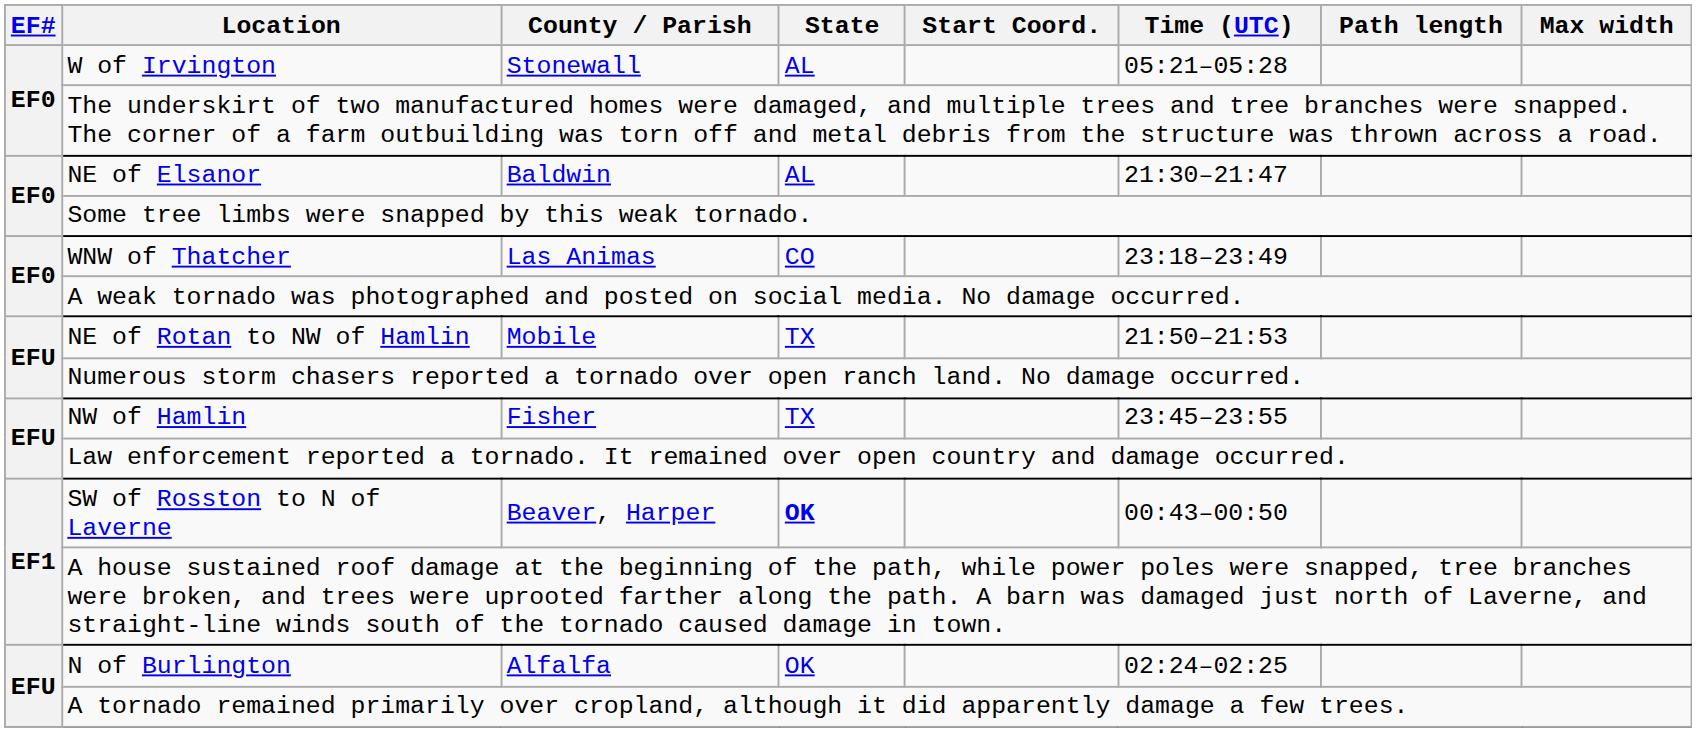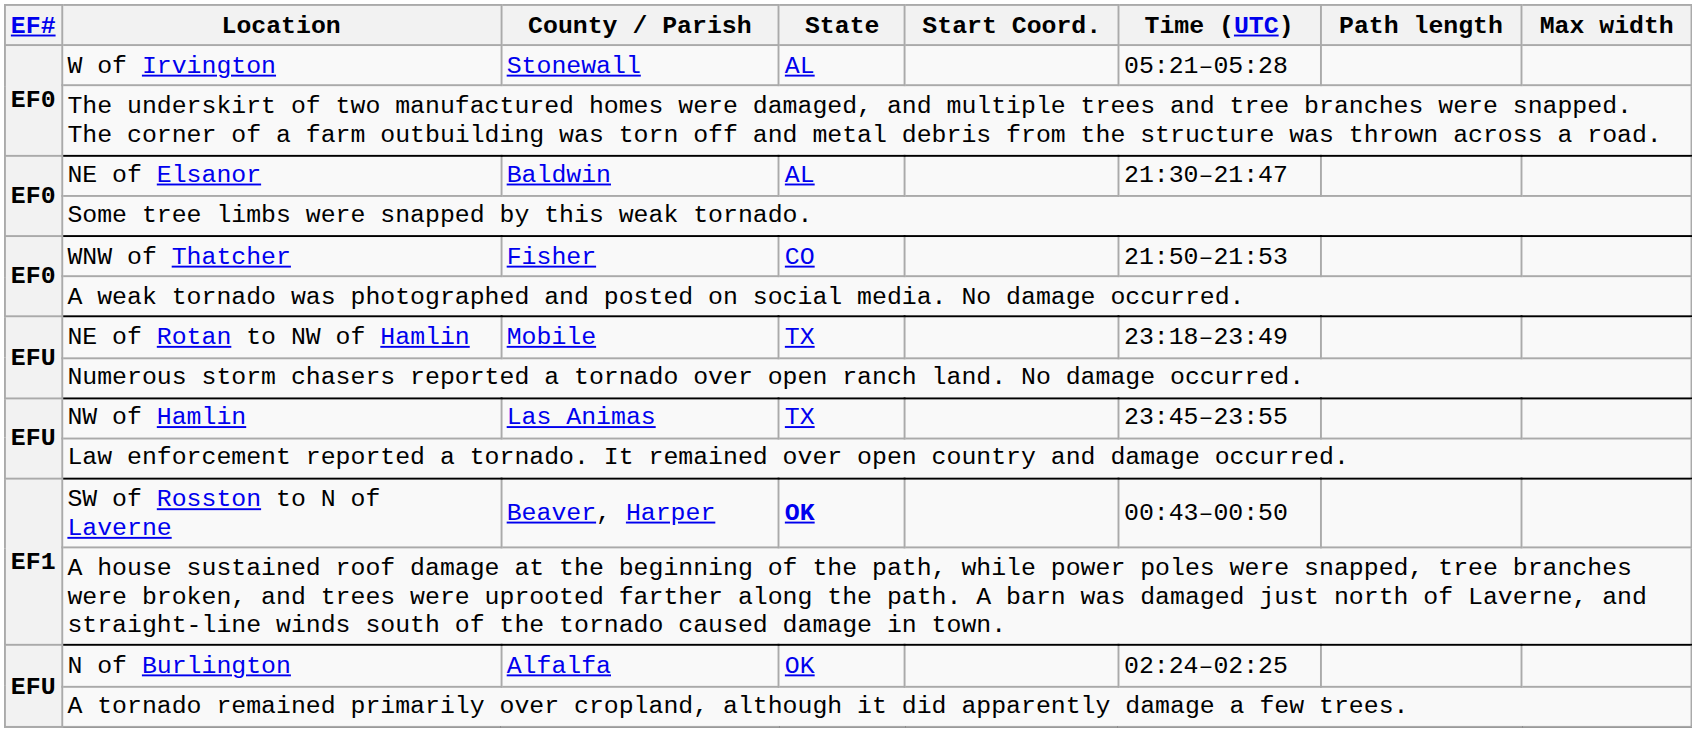 <table class="wikitable sortable" style="width:100%;">
 <tr>
 <th scope="col" width="2%" align="center"><a href='#'>EF#</a></th>
 <th scope="col" align="center" class="unsortable">Location</th>
 <th scope="col" align="center" class="unsortable">County / Parish</th>
 <th scope="col" align="center">State</th>
 <th scope="col" align="center">Start Coord.</th>
 <th scope="col" align="center">Time (<a href='#'>UTC</a>)</th>
 <th scope="col" align="center">Path length</th>
 <th scope="col" align="center">Max width</th>
 </tr>
 <tr>
 <th scope="row" rowspan="2" style="background-color:#">EF0</th>
 <td>W of <a href='#'>Irvington</a></td>
 <td><a href='#'>Stonewall</a></td>
 <td><a href='#'>AL</a></td>
 <td></td>
 <td>05:21–05:28</td>
 <td></td>
 <td></td>
 </tr>
 <tr class="expand-child">
 <td colspan="8" style=" border-bottom: 1px solid black;">The underskirt of two manufactured homes were damaged, and multiple trees and tree branches were snapped. The corner of a farm outbuilding was torn off and metal debris from the structure was thrown across a road.</td>
 </tr>
 <tr>
 <th scope="row" rowspan="2" style="background-color:#">EF0</th>
 <td>NE of <a href='#'>Elsanor</a></td>
 <td><a href='#'>Baldwin</a></td>
 <td><a href='#'>AL</a></td>
 <td></td>
 <td>21:30–21:47</td>
 <td></td>
 <td></td>
 </tr>
 <tr class="expand-child">
 <td colspan="8" style=" border-bottom: 1px solid black;">Some tree limbs were snapped by this weak tornado.</td>
 </tr>
 <tr>
 <th scope="row" rowspan="2" style="background-color:#">EF0</th>
 <td>WNW of <a href='#'>Thatcher</a></td>
-<td><a href='#'>Las Animas</a></td>
+<td><a href='#'>Fisher</a></td>
 <td><a href='#'>CO</a></td>
 <td></td>
-<td>23:18–23:49</td>
+<td>21:50–21:53</td>
 <td></td>
 <td></td>
 </tr>
 <tr class="expand-child">
 <td colspan="8" style=" border-bottom: 1px solid black;">A weak tornado was photographed and posted on social media. No damage occurred.</td>
 </tr>
 <tr>
 <th scope="row" rowspan="2" style="background-color:#">EFU</th>
 <td>NE of <a href='#'>Rotan</a> to NW of <a href='#'>Hamlin</a></td>
 <td><a href='#'>Mobile</a></td>
 <td><a href='#'>TX</a></td>
 <td></td>
-<td>21:50–21:53</td>
+<td>23:18–23:49</td>
 <td></td>
 <td></td>
 </tr>
 <tr class="expand-child">
 <td colspan="8" style=" border-bottom: 1px solid black;">Numerous storm chasers reported a tornado over open ranch land. No damage occurred.</td>
 </tr>
 <tr>
 <th scope="row" rowspan="2" style="background-color:#">EFU</th>
 <td>NW of <a href='#'>Hamlin</a></td>
-<td><a href='#'>Fisher</a></td>
+<td><a href='#'>Las Animas</a></td>
 <td><a href='#'>TX</a></td>
 <td></td>
 <td>23:45–23:55</td>
 <td></td>
 <td></td>
 </tr>
 <tr class="expand-child">
 <td colspan="8" style=" border-bottom: 1px solid black;">Law enforcement reported a tornado. It remained over open country and damage occurred.</td>
 </tr>
 <tr>
 <th scope="row" rowspan="2" style="background-color:#">EF1</th>
 <td>SW of <a href='#'>Rosston</a> to N of <a href='#'>Laverne</a></td>
 <td><a href='#'>Beaver</a>, <a href='#'>Harper</a></td>
 <td><strong><a href='#'>OK</a></strong></td>
 <td></td>
 <td>00:43–00:50</td>
 <td></td>
 <td></td>
 </tr>
 <tr class="expand-child">
 <td colspan="8" style=" border-bottom: 1px solid black;">A house sustained roof damage at the beginning of the path, while power poles were snapped, tree branches were broken, and trees were uprooted farther along the path. A barn was damaged just north of Laverne, and straight-line winds south of the tornado caused damage in town.</td>
 </tr>
 <tr>
 <th scope="row" rowspan="2" style="background-color:#">EFU</th>
 <td>N of <a href='#'>Burlington</a></td>
 <td><a href='#'>Alfalfa</a></td>
 <td><a href='#'>OK</a></td>
 <td></td>
 <td>02:24–02:25</td>
 <td></td>
 <td></td>
 </tr>
 <tr class="expand-child">
 <td colspan="8" style=" border-bottom: 1px solid black;">A tornado remained primarily over cropland, although it did apparently damage a few trees.</td>
 </tr>
 <tr>
 </tr>
 </table>
